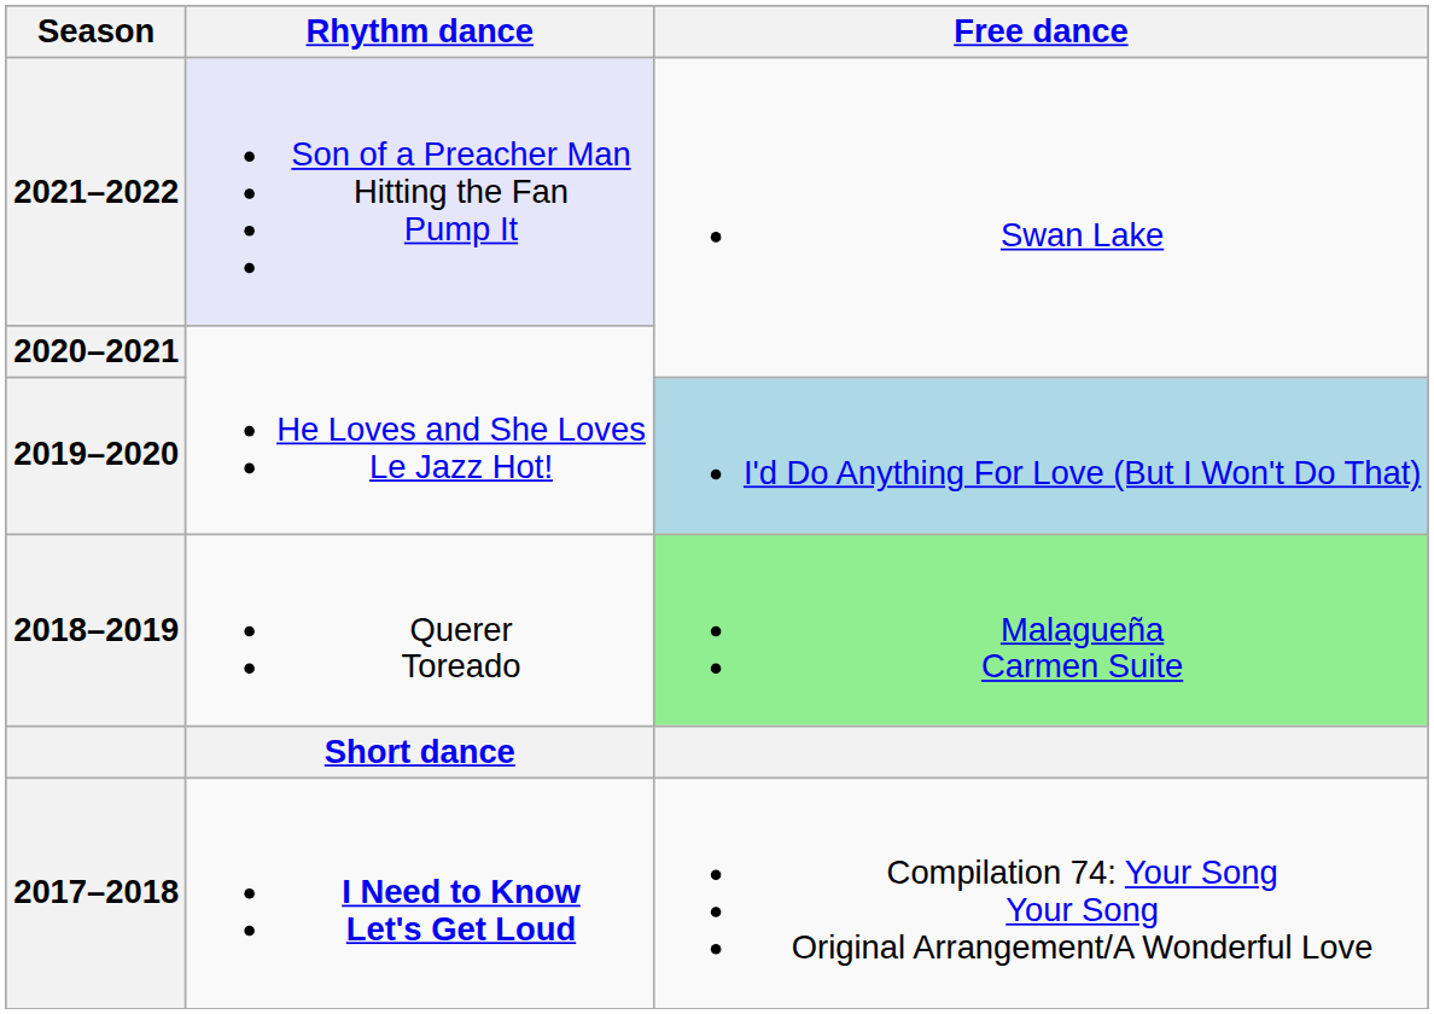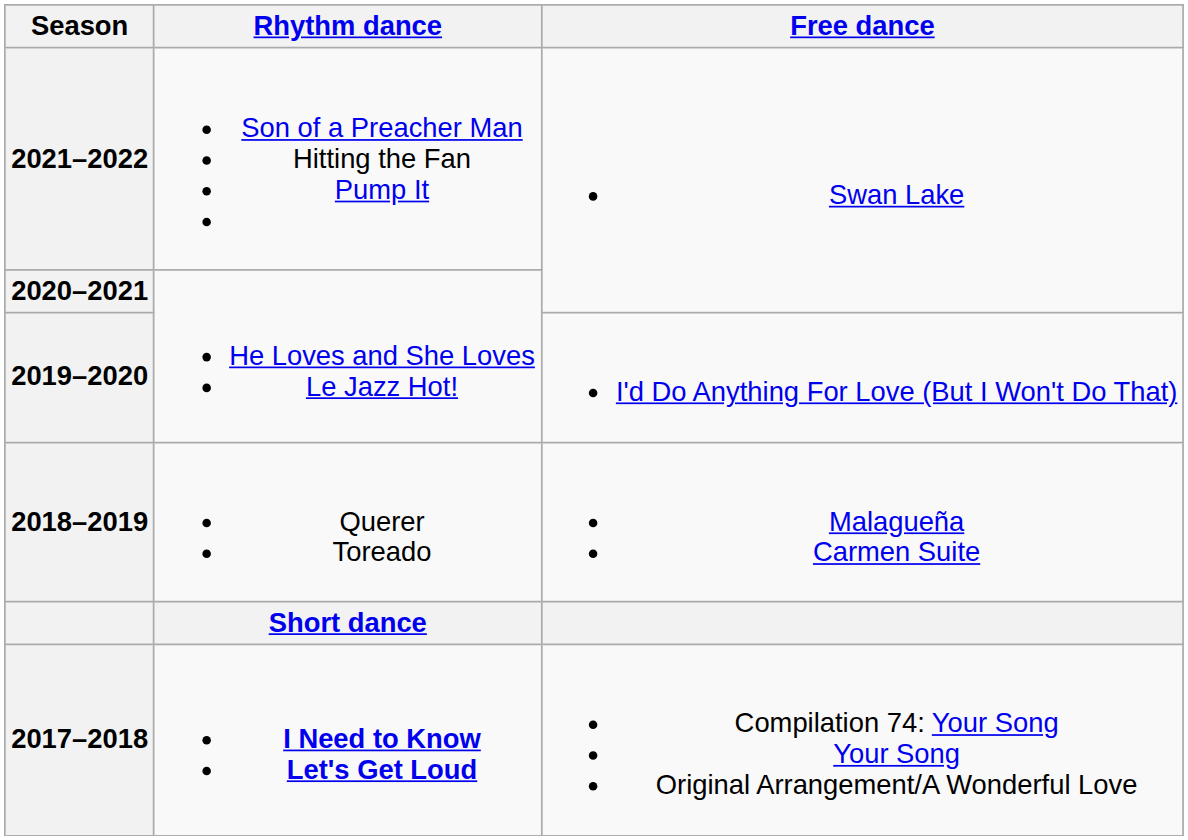 <table class="wikitable" style="text-align:center">
 <tr>
 <th>Season</th>
 <th><a href='#'>Rhythm dance</a></th>
 <th><a href='#'>Free dance</a></th>
 </tr>
 <tr>
 <th>2021–2022 <br></th>
-<td style="background: lavender;"><br><ul><li> <a href='#'>Son of a Preacher Man</a><br></li><li>Hitting the Fan<br></li><li><a href='#'>Pump It</a> <br> </li><li></li></ul></td>
+<td><br><ul><li> <a href='#'>Son of a Preacher Man</a><br></li><li>Hitting the Fan<br></li><li><a href='#'>Pump It</a> <br> </li><li></li></ul></td>
 <td rowspan=2><br><ul><li><a href='#'>Swan Lake</a> <br> </li></ul></td>
 </tr>
 <tr>
 <th>2020–2021</th>
 <td rowspan=2><br><ul><li> <a href='#'>He Loves and She Loves</a><br></li><li> <a href='#'>Le Jazz Hot!</a><br></li></ul></td>
 </tr>
 <tr>
 <th>2019–2020 <br></th>
-<td style="background: lightblue;"><br><ul><li><a href='#'>I'd Do Anything For Love (But I Won't Do That)</a><br></li></ul></td>
+<td><br><ul><li><a href='#'>I'd Do Anything For Love (But I Won't Do That)</a><br></li></ul></td>
 </tr>
 <tr>
 <th>2018–2019<br></th>
 <td><br><ul><li> Querer</li><li> Toreado<br></li></ul></td>
-<td style="background: lightgreen;"><br><ul><li><a href='#'>Malagueña</a><br></li><li><a href='#'>Carmen Suite</a><br></li></ul></td>
+<td><br><ul><li><a href='#'>Malagueña</a><br></li><li><a href='#'>Carmen Suite</a><br></li></ul></td>
 </tr>
 <tr>
 <th></th>
 <th><a href='#'>Short dance</a></th>
 <th></th>
 </tr>
 <tr>
 <th>2017–2018<br></th>
 <td><strong><br><ul><li> <a href='#'>I Need to Know</a><br></li><li> <a href='#'>Let's Get Loud</a><br></li></ul></strong></td>
 <td><br><ul><li>Compilation 74:  <a href='#'>Your Song</a><br></li><li><a href='#'>Your Song</a><br></li><li>Original Arrangement/A Wonderful Love<br></li></ul></td>
 </tr>
 </table>
